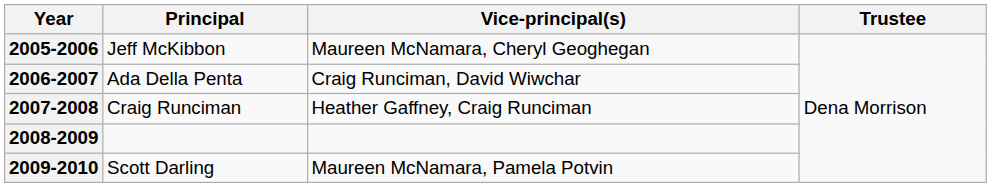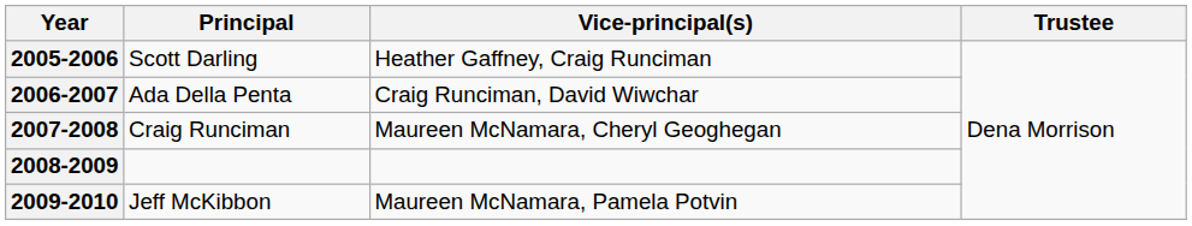 <table class="wikitable">
 <tr>
 <th width="10%">Year</th>
 <th>Principal</th>
 <th>Vice-principal(s)</th>
 <th>Trustee</th>
 </tr>
 <tr>
 <th>2005-2006</th>
-<td>Jeff McKibbon</td>
-<td>Maureen McNamara, Cheryl Geoghegan</td>
+<td>Scott Darling</td>
+<td>Heather Gaffney, Craig Runciman</td>
 <td rowspan=5>Dena Morrison</td>
 </tr>
 <tr>
 <th>2006-2007</th>
 <td>Ada Della Penta</td>
 <td>Craig Runciman, David Wiwchar</td>
 </tr>
 <tr>
 <th>2007-2008</th>
 <td>Craig Runciman</td>
-<td>Heather Gaffney, Craig Runciman</td>
+<td>Maureen McNamara, Cheryl Geoghegan</td>
 </tr>
 <tr>
 <th>2008-2009</th>
 <td></td>
 <td></td>
 </tr>
 <tr>
 <th>2009-2010</th>
-<td>Scott Darling</td>
+<td>Jeff McKibbon</td>
 <td>Maureen McNamara, Pamela Potvin</td>
 </tr>
 </table>
